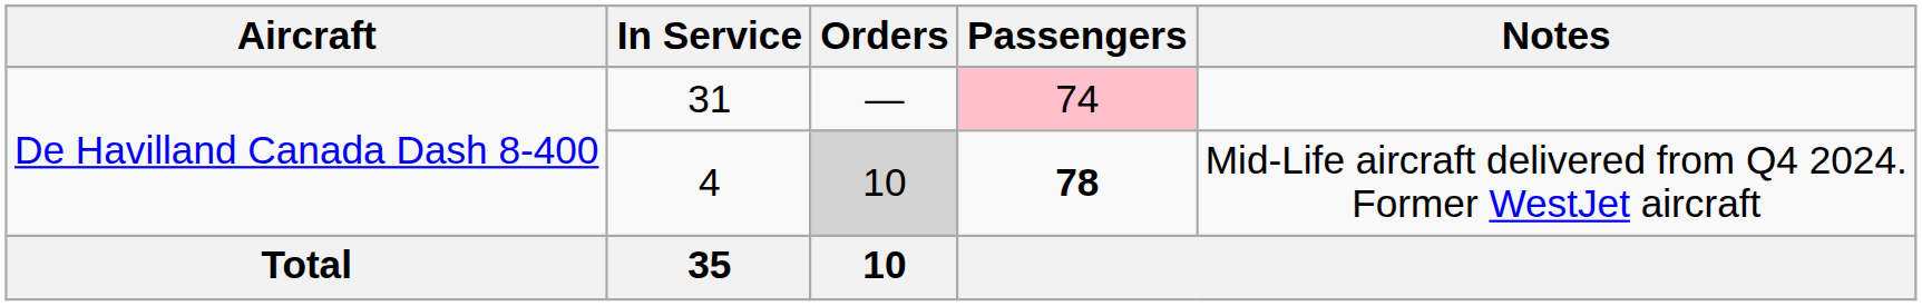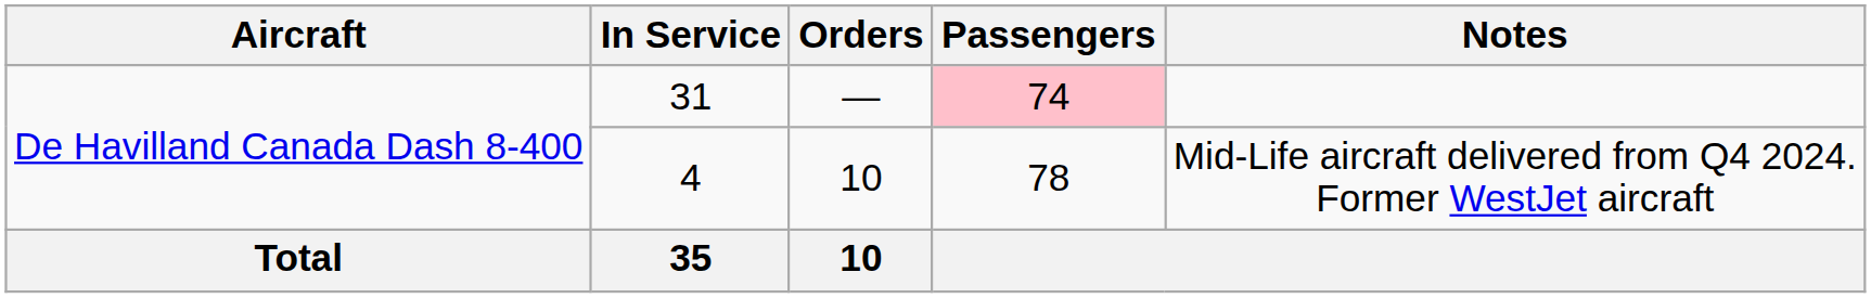 <table class="wikitable" style="margin:0.5em auto; text-align:center">
 <tr>
 <th>Aircraft</th>
 <th>In Service</th>
 <th>Orders</th>
 <th>Passengers</th>
 <th>Notes</th>
 </tr>
 <tr>
 <td rowspan="2"><a href='#'>De Havilland Canada Dash 8-400</a></td>
 <td>31</td>
 <td>—</td>
 <td style="background: pink;">74</td>
 <td></td>
 </tr>
 <tr>
 <td>4</td>
-<td style="background: lightgrey;">10</td>
-<td><strong>78</strong></td>
+<td>10</td>
+<td>78</td>
 <td>Mid-Life aircraft delivered from Q4 2024.<br>Former <a href='#'>WestJet</a> aircraft</td>
 </tr>
 <tr>
 <th>Total</th>
 <th>35</th>
 <th>10</th>
 <th colspan="2"></th>
 </tr>
 </table>
